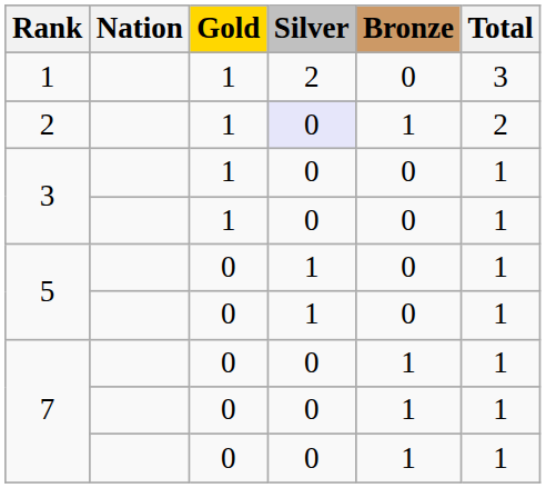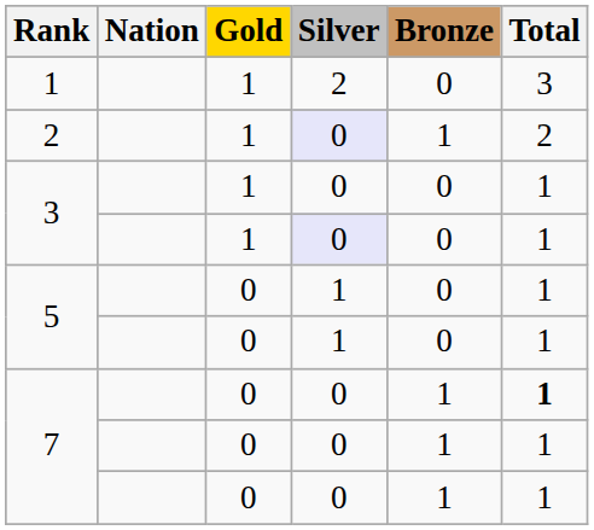 <table class="wikitable sortable" style="text-align:center">
 <tr>
 <th>Rank</th>
 <th>Nation</th>
 <th style="background-color:gold">Gold</th>
 <th style="background-color:silver">Silver</th>
 <th style="background-color:#cc9966">Bronze</th>
 <th>Total</th>
 </tr>
 <tr>
 <td>1</td>
 <td align=left></td>
 <td>1</td>
 <td>2</td>
 <td>0</td>
 <td>3</td>
 </tr>
 <tr>
 <td>2</td>
 <td align=left></td>
 <td>1</td>
 <td style="background: lavender;">0</td>
 <td>1</td>
 <td>2</td>
 </tr>
 <tr>
 <td rowspan=2>3</td>
 <td align=left></td>
 <td>1</td>
 <td>0</td>
 <td>0</td>
 <td>1</td>
 </tr>
 <tr>
 <td align=left></td>
 <td>1</td>
-<td>0</td>
+<td style="background: lavender;">0</td>
 <td>0</td>
 <td>1</td>
 </tr>
 <tr>
 <td rowspan=2>5</td>
 <td align=left></td>
 <td>0</td>
 <td>1</td>
 <td>0</td>
 <td>1</td>
 </tr>
 <tr>
 <td align=left></td>
 <td>0</td>
 <td>1</td>
 <td>0</td>
 <td>1</td>
 </tr>
 <tr>
 <td rowspan=3>7</td>
 <td align=left></td>
 <td>0</td>
 <td>0</td>
 <td>1</td>
-<td>1</td>
+<td><strong>1</strong></td>
 </tr>
 <tr>
 <td align=left></td>
 <td>0</td>
 <td>0</td>
 <td>1</td>
 <td>1</td>
 </tr>
 <tr>
 <td align=left></td>
 <td>0</td>
 <td>0</td>
 <td>1</td>
 <td>1</td>
 </tr>
 </table>
